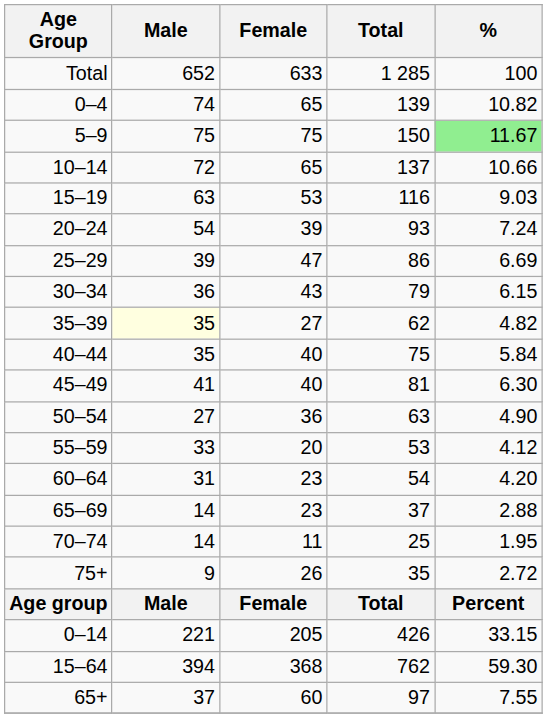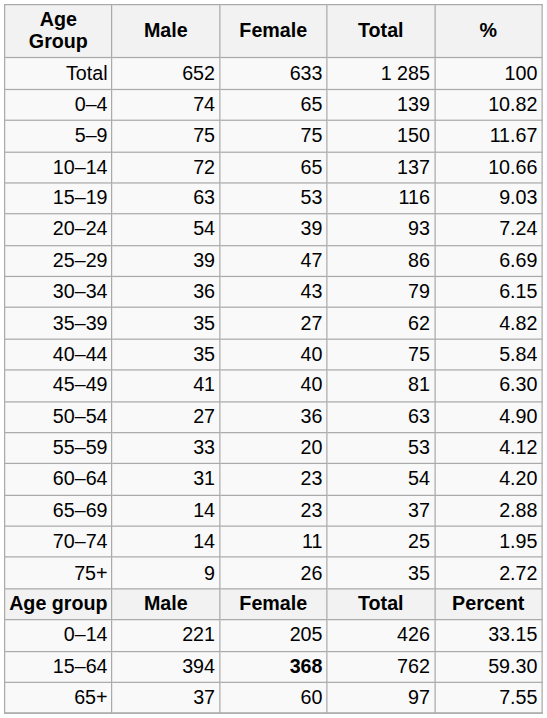 <table class="wikitable">
 <tr>
 <th width="80pt">Age Group</th>
 <th width="80pt">Male</th>
 <th width="80pt">Female</th>
 <th width="80pt">Total</th>
 <th width="80pt">%</th>
 </tr>
 <tr>
 <td align="right">Total</td>
 <td align="right">652</td>
 <td align="right">633</td>
 <td align="right">1 285</td>
 <td align="right">100</td>
 </tr>
 <tr>
 <td align="right">0–4</td>
 <td align="right">74</td>
 <td align="right">65</td>
 <td align="right">139</td>
 <td align="right">10.82</td>
 </tr>
 <tr>
 <td align="right">5–9</td>
 <td align="right">75</td>
 <td align="right">75</td>
 <td align="right">150</td>
-<td align="right" style="background: lightgreen;">11.67</td>
+<td align="right">11.67</td>
 </tr>
 <tr>
 <td align="right">10–14</td>
 <td align="right">72</td>
 <td align="right">65</td>
 <td align="right">137</td>
 <td align="right">10.66</td>
 </tr>
 <tr>
 <td align="right">15–19</td>
 <td align="right">63</td>
 <td align="right">53</td>
 <td align="right">116</td>
 <td align="right">9.03</td>
 </tr>
 <tr>
 <td align="right">20–24</td>
 <td align="right">54</td>
 <td align="right">39</td>
 <td align="right">93</td>
 <td align="right">7.24</td>
 </tr>
 <tr>
 <td align="right">25–29</td>
 <td align="right">39</td>
 <td align="right">47</td>
 <td align="right">86</td>
 <td align="right">6.69</td>
 </tr>
 <tr>
 <td align="right">30–34</td>
 <td align="right">36</td>
 <td align="right">43</td>
 <td align="right">79</td>
 <td align="right">6.15</td>
 </tr>
 <tr>
 <td align="right">35–39</td>
-<td align="right" style="background: lightyellow;">35</td>
+<td align="right">35</td>
 <td align="right">27</td>
 <td align="right">62</td>
 <td align="right">4.82</td>
 </tr>
 <tr>
 <td align="right">40–44</td>
 <td align="right">35</td>
 <td align="right">40</td>
 <td align="right">75</td>
 <td align="right">5.84</td>
 </tr>
 <tr>
 <td align="right">45–49</td>
 <td align="right">41</td>
 <td align="right">40</td>
 <td align="right">81</td>
 <td align="right">6.30</td>
 </tr>
 <tr>
 <td align="right">50–54</td>
 <td align="right">27</td>
 <td align="right">36</td>
 <td align="right">63</td>
 <td align="right">4.90</td>
 </tr>
 <tr>
 <td align="right">55–59</td>
 <td align="right">33</td>
 <td align="right">20</td>
 <td align="right">53</td>
 <td align="right">4.12</td>
 </tr>
 <tr>
 <td align="right">60–64</td>
 <td align="right">31</td>
 <td align="right">23</td>
 <td align="right">54</td>
 <td align="right">4.20</td>
 </tr>
 <tr>
 <td align="right">65–69</td>
 <td align="right">14</td>
 <td align="right">23</td>
 <td align="right">37</td>
 <td align="right">2.88</td>
 </tr>
 <tr>
 <td align="right">70–74</td>
 <td align="right">14</td>
 <td align="right">11</td>
 <td align="right">25</td>
 <td align="right">1.95</td>
 </tr>
 <tr>
 <td align="right">75+</td>
 <td align="right">9</td>
 <td align="right">26</td>
 <td align="right">35</td>
 <td align="right">2.72</td>
 </tr>
 <tr>
 <th width="50">Age group</th>
 <th width="80pt">Male</th>
 <th width="80">Female</th>
 <th width="80">Total</th>
 <th width="50">Percent</th>
 </tr>
 <tr>
 <td align="right">0–14</td>
 <td align="right">221</td>
 <td align="right">205</td>
 <td align="right">426</td>
 <td align="right">33.15</td>
 </tr>
 <tr>
 <td align="right">15–64</td>
 <td align="right">394</td>
-<td align="right">368</td>
+<td align="right"><strong>368</strong></td>
 <td align="right">762</td>
 <td align="right">59.30</td>
 </tr>
 <tr>
 <td align="right">65+</td>
 <td align="right">37</td>
 <td align="right">60</td>
 <td align="right">97</td>
 <td align="right">7.55</td>
 </tr>
 <tr>
 </tr>
 </table>
